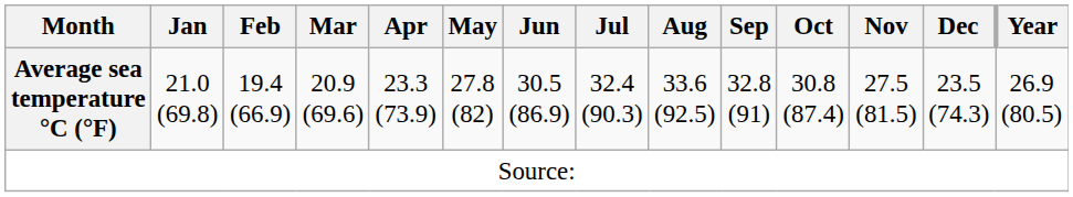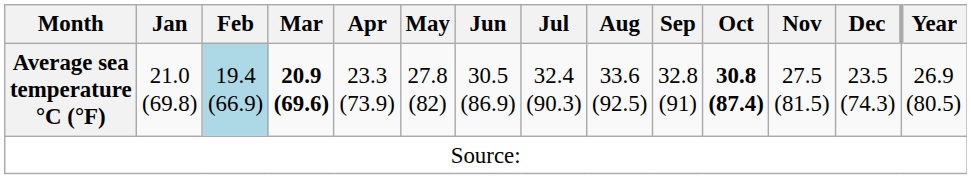 <table style="text-align:center;line-height:1.2em;margin-left:auto;margin-right:auto" class="wikitable">
 <tr>
 <th>Month</th>
 <th>Jan</th>
 <th>Feb</th>
 <th>Mar</th>
 <th>Apr</th>
 <th>May</th>
 <th>Jun</th>
 <th>Jul</th>
 <th>Aug</th>
 <th>Sep</th>
 <th>Oct</th>
 <th>Nov</th>
 <th>Dec</th>
 <th style="border-left-width:medium">Year</th>
 </tr>
 <tr>
 <th>Average sea temperature °C (°F)</th>
 <td>21.0<br>(69.8)</td>
-<td>19.4<br>(66.9)</td>
-<td>20.9<br>(69.6)</td>
+<td style="background: lightblue;">19.4<br>(66.9)</td>
+<td><strong>20.9<br>(69.6)</strong></td>
 <td>23.3<br>(73.9)</td>
 <td>27.8<br>(82)</td>
 <td>30.5<br>(86.9)</td>
 <td>32.4<br>(90.3)</td>
 <td>33.6<br>(92.5)</td>
 <td>32.8<br>(91)</td>
-<td>30.8<br>(87.4)</td>
+<td><strong>30.8<br>(87.4)</strong></td>
 <td>27.5<br>(81.5)</td>
 <td>23.5<br>(74.3)</td>
 <td>26.9<br>(80.5)</td>
 </tr>
 <tr>
 <th Colspan=14 style="background:#ffffff;font-weight:normal;font-size:100%;">Source:</th>
 </tr>
 </table>
